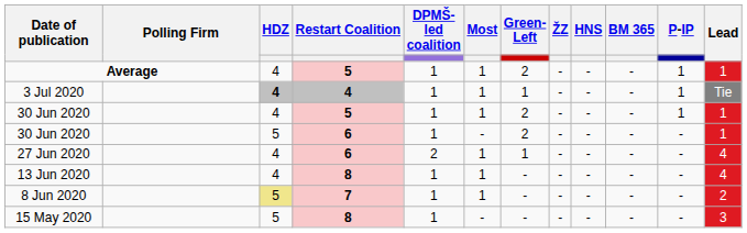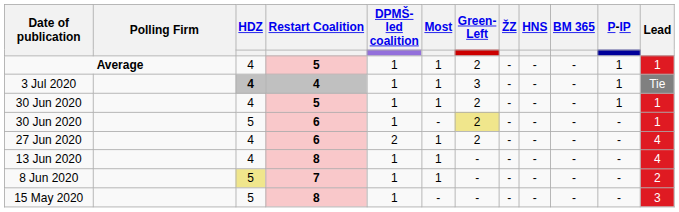 <table class="wikitable sortable" style="text-align:center; font-size:90%; line-height:16px;">
 <tr style="height:42px;">
 <th style="width:100px;" rowspan="2">Date of publication</th>
 <th style="width:165px;" rowspan="2">Polling Firm</th>
 <th class="unsortable"><a href='#'>HDZ</a></th>
 <th class="unsortable"><a href='#'>Restart Coalition</a></th>
 <th class="unsortable"><a href='#'>DPMŠ-led coalition</a></th>
 <th class="unsortable"><a href='#'>Most</a></th>
 <th class="unsortable"><a href='#'>Green-Left</a></th>
 <th class="unsortable"><a href='#'>ŽZ</a></th>
 <th class="unsortable"><a href='#'>HNS</a></th>
 <th class="unsortable"><a href='#'>BM 365</a></th>
 <th class="unsortable"><a href='#'>P</a>-<a href='#'>IP</a></th>
 <th class="unsortable" style="width:20px;" rowspan="2">Lead</th>
 </tr>
 <tr>
 <th class="unsortable" style="color:inherit;background:"></th>
 <th class="unsortable" style="color:inherit;background:"></th>
 <th class="unsortable" style="color:inherit;background:#9370db; width:45px;"></th>
 <th class="unsortable" style="color:inherit;background:"></th>
 <th class="unsortable" style="background:#cc0000" width="45px"></th>
 <th class="unsortable" style="color:inherit;background:"></th>
 <th class="unsortable" style="color:inherit;background:"></th>
 <th class="unsortable" style="color:inherit;background:"></th>
 <th class="unsortable" style="color:inherit;background:#00009a; width:45px;"></th>
 </tr>
 <tr>
 <td colspan="2"><strong>Average</strong></td>
 <td>4</td>
 <td style="background:#F9C8CA"><strong>5</strong></td>
 <td>1</td>
 <td>1</td>
 <td>2</td>
 <td>-</td>
 <td>-</td>
 <td>-</td>
 <td>1</td>
 <td style="background:#DF1A22; color:white;">1</td>
 </tr>
 <tr>
 <td>3 Jul 2020</td>
 <td></td>
 <td style="background:#C0C0C0"><strong>4</strong></td>
 <td style="background:#C0C0C0"><strong>4</strong></td>
 <td>1</td>
 <td>1</td>
-<td>1</td>
+<td>3</td>
 <td>-</td>
 <td>-</td>
 <td>-</td>
 <td>1</td>
 <td style="background:#808080; color:white;">Tie</td>
 </tr>
 <tr>
 <td>30 Jun 2020</td>
 <td></td>
 <td>4</td>
 <td style="background:#F9C8CA"><strong>5</strong></td>
 <td>1</td>
 <td>1</td>
 <td>2</td>
 <td>-</td>
 <td>-</td>
 <td>-</td>
 <td>1</td>
 <td style="background:#DF1A22; color:white;">1</td>
 </tr>
 <tr>
 <td>30 Jun 2020</td>
 <td></td>
 <td>5</td>
 <td style="background:#F9C8CA"><strong>6</strong></td>
 <td>1</td>
 <td>-</td>
-<td>2</td>
+<td style="background: khaki;">2</td>
 <td>-</td>
 <td>-</td>
 <td>-</td>
 <td>-</td>
 <td style="background:#DF1A22; color:white;">1</td>
 </tr>
 <tr>
 <td>27 Jun 2020</td>
 <td></td>
 <td>4</td>
 <td style="background:#F9C8CA"><strong>6</strong></td>
 <td>2</td>
 <td>1</td>
-<td>1</td>
+<td>2</td>
 <td>-</td>
 <td>-</td>
 <td>-</td>
 <td>-</td>
 <td style="background:#DF1A22; color:white;">4</td>
 </tr>
 <tr>
 <td>13 Jun 2020</td>
 <td></td>
 <td>4</td>
 <td style="background:#F9C8CA"><strong>8</strong></td>
 <td>1</td>
 <td>1</td>
 <td>-</td>
 <td>-</td>
 <td>-</td>
 <td>-</td>
 <td>-</td>
 <td style="background:#DF1A22; color:white;">4</td>
 </tr>
 <tr>
 <td>8 Jun 2020</td>
 <td></td>
 <td style="background: khaki;">5</td>
 <td style="background:#F9C8CA"><strong>7</strong></td>
 <td>1</td>
 <td>1</td>
 <td>-</td>
 <td>-</td>
 <td>-</td>
 <td>-</td>
 <td>-</td>
 <td style="background:#DF1A22; color:white;">2</td>
 </tr>
 <tr>
 <td>15 May 2020</td>
 <td></td>
 <td>5</td>
 <td style="background:#F9C8CA"><strong>8</strong></td>
 <td>1</td>
 <td>-</td>
 <td>-</td>
 <td>-</td>
 <td>-</td>
 <td>-</td>
 <td>-</td>
 <td style="background:#DF1A22; color:white;">3</td>
 </tr>
 </table>
